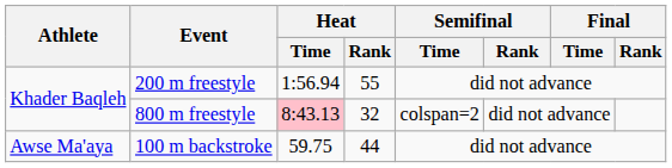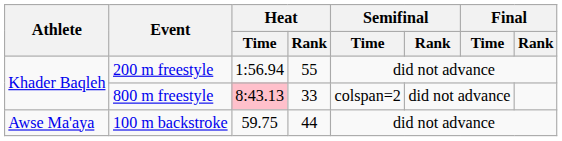 <table class=wikitable style="font-size:90%">
 <tr>
 <th rowspan="2">Athlete</th>
 <th rowspan="2">Event</th>
 <th colspan="2">Heat</th>
 <th colspan="2">Semifinal</th>
 <th colspan="2">Final</th>
 </tr>
 <tr style="font-size:95%">
 <th>Time</th>
 <th>Rank</th>
 <th>Time</th>
 <th>Rank</th>
 <th>Time</th>
 <th>Rank</th>
 </tr>
 <tr align=center>
 <td align=left rowspan=2><a href='#'>Khader Baqleh</a></td>
 <td align=left><a href='#'>200 m freestyle</a></td>
 <td>1:56.94</td>
 <td>55</td>
 <td colspan=4>did not advance</td>
 </tr>
 <tr align=center>
 <td align=left><a href='#'>800 m freestyle</a></td>
 <td style="background: pink;">8:43.13</td>
-<td>32</td>
+<td>33</td>
 <td>colspan=2 </td>
 <td colspan=2>did not advance</td>
 </tr>
 <tr align=center>
 <td align=left><a href='#'>Awse Ma'aya</a></td>
 <td align=left><a href='#'>100 m backstroke</a></td>
 <td>59.75</td>
 <td>44</td>
 <td colspan=4>did not advance</td>
 </tr>
 </table>
